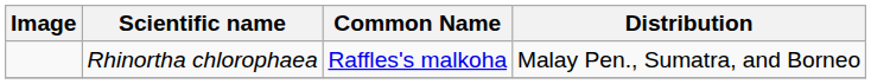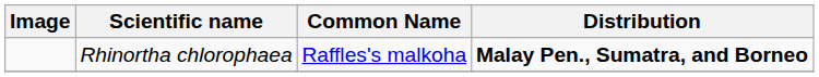 <table class="wikitable">
 <tr>
 <th>Image</th>
 <th>Scientific name</th>
 <th>Common Name</th>
 <th>Distribution</th>
 </tr>
 <tr>
 <td></td>
 <td><em>	Rhinortha  chlorophaea</em></td>
 <td><a href='#'>Raffles's malkoha</a></td>
-<td>Malay Pen., Sumatra, and Borneo</td>
+<td><strong>Malay Pen., Sumatra, and Borneo</strong></td>
 </tr>
 <tr>
 </tr>
 </table>
